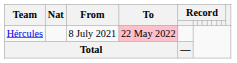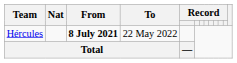 <table class="wikitable" style="text-align: center">
 <tr>
 <th rowspan="2">Team</th>
 <th rowspan="2">Nat</th>
 <th rowspan="2">From</th>
 <th rowspan="2">To</th>
 <th colspan="8">Record</th>
 <th rowspan=2></th>
 </tr>
 <tr>
 <th></th>
 <th></th>
 <th></th>
 <th></th>
 <th></th>
 <th></th>
 <th></th>
 <th></th>
 </tr>
 <tr>
 <td align="left"><a href='#'>Hércules</a></td>
 <td></td>
-<td align=left>8 July 2021</td>
-<td align=left style="background: pink;">22 May 2022<br></td>
+<td align=left><strong>8 July 2021</strong></td>
+<td align=left>22 May 2022<br></td>
 <td></td>
 </tr>
 <tr>
 <th colspan="4">Total<br></th>
 <th>—</th>
 </tr>
 </table>
